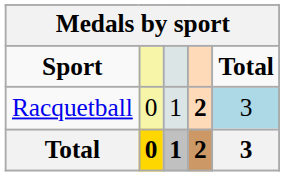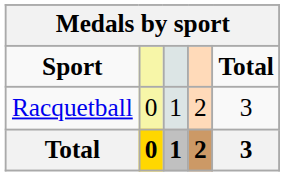 <table class="wikitable" style="font-size:85%; float:right">
 <tr style="background:#efefef;">
 <th colspan=7><strong>Medals by sport</strong></th>
 </tr>
 <tr align=center>
 <td><strong>Sport</strong></td>
 <td style="background:#f7f6a8;"></td>
 <td style="background:#dce5e5;"></td>
 <td style="background:#ffdab9;"></td>
 <td><strong>Total</strong></td>
 </tr>
 <tr align=center>
 <td><a href='#'>Racquetball</a></td>
 <td style="background:#f7f6a8;">0</td>
 <td style="background:#dce5e5;">1</td>
-<td style="background:#ffdab9;"><strong>2</strong></td>
-<td style="background: lightblue;">3</td>
+<td style="background:#ffdab9;">2</td>
+<td>3</td>
 </tr>
 <tr align=center>
 <th><strong>Total</strong></th>
 <th style="background:gold;"><strong>0</strong></th>
 <th style="background:silver;"><strong>1</strong></th>
 <th style="background:#c96;"><strong>2</strong></th>
 <th><strong>3</strong></th>
 </tr>
 </table>
